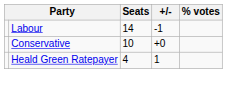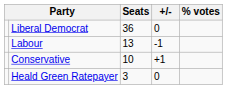 <table class="wikitable">
 <tr>
 <th colspan="2">Party</th>
 <th>Seats</th>
 <th>  +/-  </th>
 <th>% votes</th>
 </tr>
 <tr>
 <td style="background-color: "></td>
+<td><a href='#'>Liberal Democrat</a></td>
+<td>36</td>
+<td>0</td>
+<td></td>
+</tr>
+<tr>
+<td style="background-color: "></td>
 <td><a href='#'>Labour</a></td>
-<td>14</td>
+<td>13</td>
 <td>-1</td>
 <td></td>
 </tr>
 <tr>
 <td style="background-color: "></td>
 <td><a href='#'>Conservative</a></td>
 <td>10</td>
-<td>+0</td>
+<td>+1</td>
 <td></td>
 </tr>
 <tr>
 <td style="background-color: "></td>
 <td><a href='#'>Heald Green Ratepayer</a></td>
-<td>4</td>
-<td>1</td>
+<td>3</td>
+<td>0</td>
 <td></td>
 </tr>
 </table>
